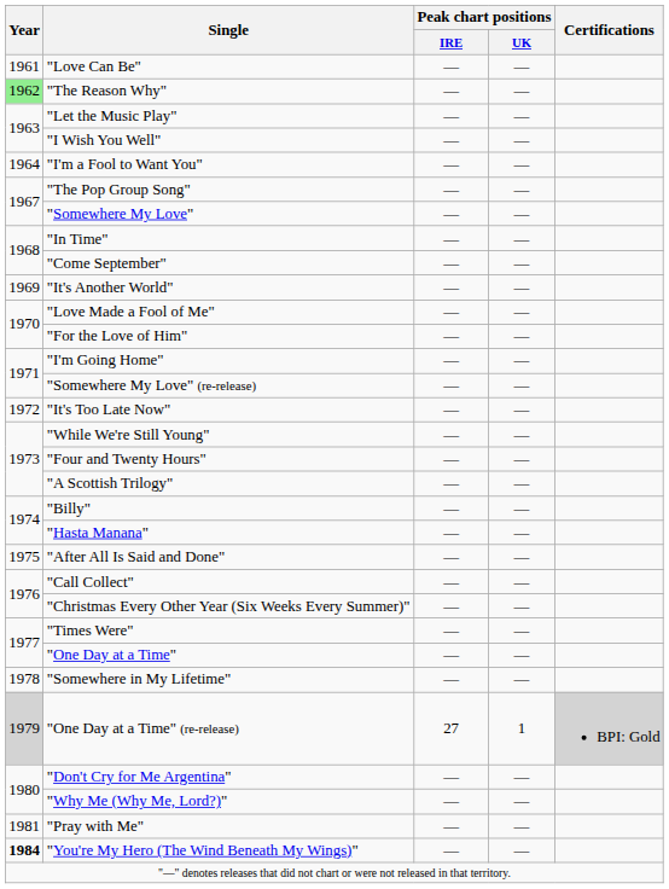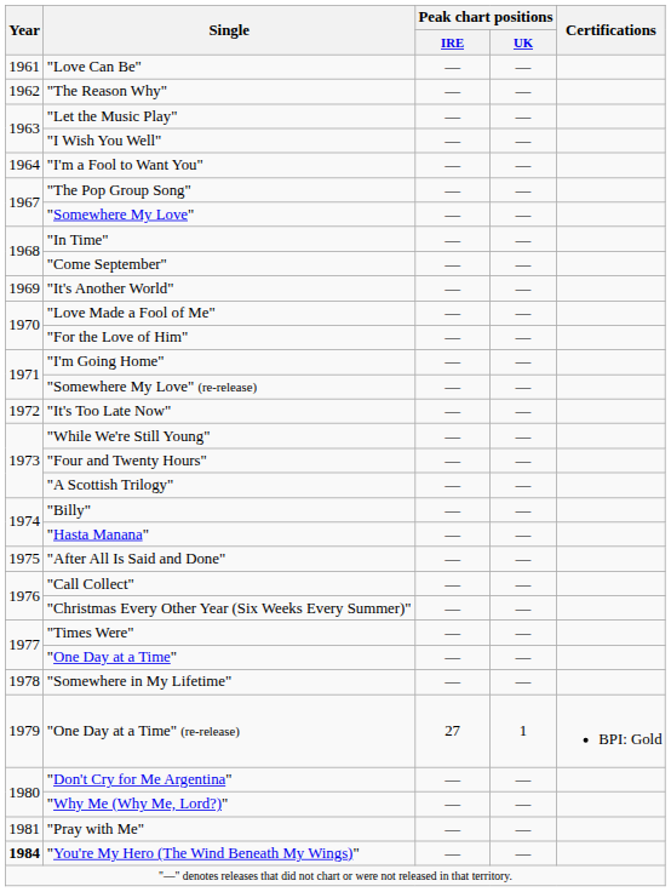 <table class="wikitable">
 <tr>
 <th rowspan="2">Year</th>
 <th rowspan="2">Single</th>
 <th colspan="2">Peak chart positions</th>
 <th rowspan="2">Certifications</th>
 </tr>
 <tr>
 <th><small><a href='#'>IRE</a></small><br></th>
 <th><small><a href='#'>UK</a></small><br></th>
 </tr>
 <tr>
 <td>1961</td>
 <td>"Love Can Be"</td>
 <td style="text-align:center;">—</td>
 <td style="text-align:center;">—</td>
 <td></td>
 </tr>
 <tr>
-<td style="background: lightgreen;">1962</td>
+<td>1962</td>
 <td>"The Reason Why"</td>
 <td style="text-align:center;">—</td>
 <td style="text-align:center;">—</td>
 <td></td>
 </tr>
 <tr>
 <td rowspan="2">1963</td>
 <td>"Let the Music Play"</td>
 <td style="text-align:center;">—</td>
 <td style="text-align:center;">—</td>
 <td></td>
 </tr>
 <tr>
 <td>"I Wish You Well"</td>
 <td style="text-align:center;">—</td>
 <td style="text-align:center;">—</td>
 <td></td>
 </tr>
 <tr>
 <td>1964</td>
 <td>"I'm a Fool to Want You"</td>
 <td style="text-align:center;">—</td>
 <td style="text-align:center;">—</td>
 <td></td>
 </tr>
 <tr>
 <td rowspan="2">1967</td>
 <td>"The Pop Group Song"</td>
 <td style="text-align:center;">—</td>
 <td style="text-align:center;">—</td>
 <td></td>
 </tr>
 <tr>
 <td>"<a href='#'>Somewhere My Love</a>"</td>
 <td style="text-align:center;">—</td>
 <td style="text-align:center;">—</td>
 <td></td>
 </tr>
 <tr>
 <td rowspan="2">1968</td>
 <td>"In Time"</td>
 <td style="text-align:center;">—</td>
 <td style="text-align:center;">—</td>
 <td></td>
 </tr>
 <tr>
 <td>"Come September"</td>
 <td style="text-align:center;">—</td>
 <td style="text-align:center;">—</td>
 <td></td>
 </tr>
 <tr>
 <td>1969</td>
 <td>"It's Another World"</td>
 <td style="text-align:center;">—</td>
 <td style="text-align:center;">—</td>
 <td></td>
 </tr>
 <tr>
 <td rowspan="2">1970</td>
 <td>"Love Made a Fool of Me"</td>
 <td style="text-align:center;">—</td>
 <td style="text-align:center;">—</td>
 <td></td>
 </tr>
 <tr>
 <td>"For the Love of Him"</td>
 <td style="text-align:center;">—</td>
 <td style="text-align:center;">—</td>
 <td></td>
 </tr>
 <tr>
 <td rowspan="2">1971</td>
 <td>"I'm Going Home"</td>
 <td style="text-align:center;">—</td>
 <td style="text-align:center;">—</td>
 <td></td>
 </tr>
 <tr>
 <td>"Somewhere My Love" <small>(re-release)</small></td>
 <td style="text-align:center;">—</td>
 <td style="text-align:center;">—</td>
 <td></td>
 </tr>
 <tr>
 <td>1972</td>
 <td>"It's Too Late Now"</td>
 <td style="text-align:center;">—</td>
 <td style="text-align:center;">—</td>
 <td></td>
 </tr>
 <tr>
 <td rowspan="3">1973</td>
 <td>"While We're Still Young"</td>
 <td style="text-align:center;">—</td>
 <td style="text-align:center;">—</td>
 <td></td>
 </tr>
 <tr>
 <td>"Four and Twenty Hours"</td>
 <td style="text-align:center;">—</td>
 <td style="text-align:center;">—</td>
 <td></td>
 </tr>
 <tr>
 <td>"A Scottish Trilogy"</td>
 <td style="text-align:center;">—</td>
 <td style="text-align:center;">—</td>
 <td></td>
 </tr>
 <tr>
 <td rowspan="2">1974</td>
 <td>"Billy"</td>
 <td style="text-align:center;">—</td>
 <td style="text-align:center;">—</td>
 <td></td>
 </tr>
 <tr>
 <td>"<a href='#'>Hasta Manana</a>"</td>
 <td style="text-align:center;">—</td>
 <td style="text-align:center;">—</td>
 <td></td>
 </tr>
 <tr>
 <td>1975</td>
 <td>"After All Is Said and Done"</td>
 <td style="text-align:center;">—</td>
 <td style="text-align:center;">—</td>
 <td></td>
 </tr>
 <tr>
 <td rowspan="2">1976</td>
 <td>"Call Collect"</td>
 <td style="text-align:center;">—</td>
 <td style="text-align:center;">—</td>
 <td></td>
 </tr>
 <tr>
 <td>"Christmas Every Other Year (Six Weeks Every Summer)"</td>
 <td style="text-align:center;">—</td>
 <td style="text-align:center;">—</td>
 <td></td>
 </tr>
 <tr>
 <td rowspan="2">1977</td>
 <td>"Times Were"</td>
 <td style="text-align:center;">—</td>
 <td style="text-align:center;">—</td>
 <td></td>
 </tr>
 <tr>
 <td>"<a href='#'>One Day at a Time</a>"</td>
 <td style="text-align:center;">—</td>
 <td style="text-align:center;">—</td>
 <td></td>
 </tr>
 <tr>
 <td>1978</td>
 <td>"Somewhere in My Lifetime"</td>
 <td style="text-align:center;">—</td>
 <td style="text-align:center;">—</td>
 <td></td>
 </tr>
 <tr>
-<td style="background: lightgrey;">1979</td>
+<td>1979</td>
 <td>"One Day at a Time" <small>(re-release)</small></td>
 <td style="text-align:center;">27</td>
 <td style="text-align:center;">1</td>
-<td style="background: lightgrey;"><br><ul><li>BPI: Gold</li></ul></td>
+<td><br><ul><li>BPI: Gold</li></ul></td>
 </tr>
 <tr>
 <td rowspan="2">1980</td>
 <td>"<a href='#'>Don't Cry for Me Argentina</a>"</td>
 <td style="text-align:center;">—</td>
 <td style="text-align:center;">—</td>
 <td></td>
 </tr>
 <tr>
 <td>"<a href='#'>Why Me (Why Me, Lord?)</a>"</td>
 <td style="text-align:center;">—</td>
 <td style="text-align:center;">—</td>
 <td></td>
 </tr>
 <tr>
 <td>1981</td>
 <td>"Pray with Me"</td>
 <td style="text-align:center;">—</td>
 <td style="text-align:center;">—</td>
 <td></td>
 </tr>
 <tr>
 <td><strong>1984</strong></td>
 <td>"<a href='#'>You're My Hero (The Wind Beneath My Wings)</a>"</td>
 <td style="text-align:center;">—</td>
 <td style="text-align:center;">—</td>
 <td></td>
 </tr>
 <tr>
 <td colspan="5" style="text-align:center; font-size:9pt;">"—" denotes releases that did not chart or were not released in that territory.</td>
 </tr>
 </table>
